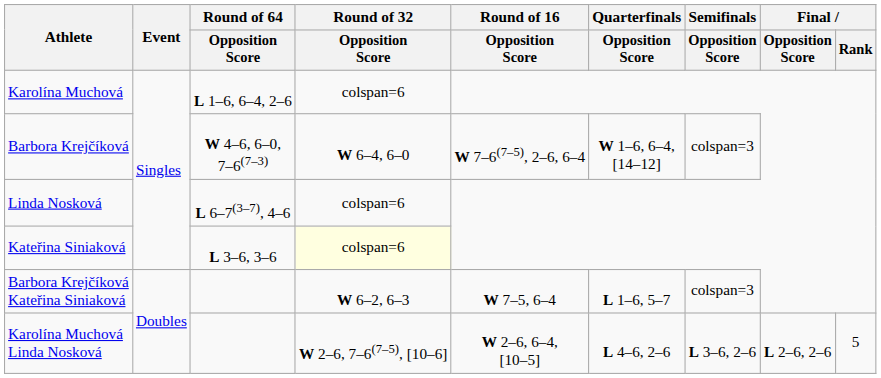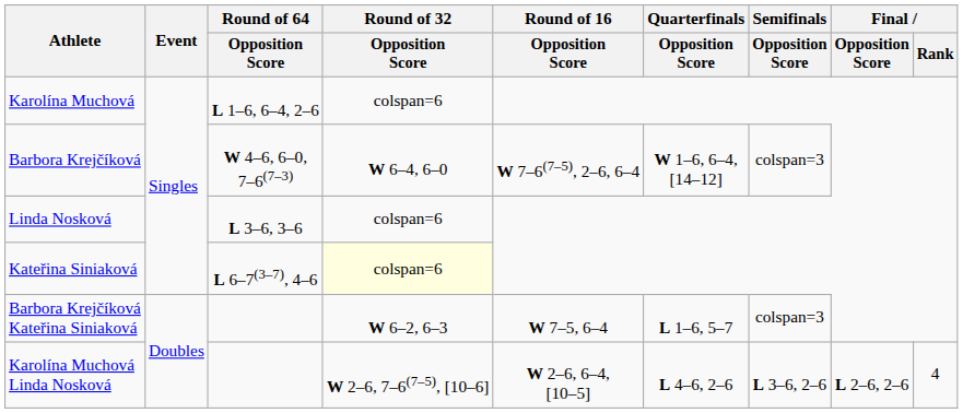 <table class=wikitable style="font-size:90%">
 <tr>
 <th rowspan="2">Athlete</th>
 <th rowspan="2">Event</th>
 <th>Round of 64</th>
 <th>Round of 32</th>
 <th>Round of 16</th>
 <th>Quarterfinals</th>
 <th>Semifinals</th>
 <th colspan=2>Final / </th>
 </tr>
 <tr style="font-size:95%">
 <th>Opposition<br>Score</th>
 <th>Opposition<br>Score</th>
 <th>Opposition<br>Score</th>
 <th>Opposition<br>Score</th>
 <th>Opposition<br>Score</th>
 <th>Opposition<br>Score</th>
 <th>Rank</th>
 </tr>
 <tr align=center>
 <td align=left><a href='#'>Karolína Muchová</a></td>
 <td align=left rowspan=4><a href='#'>Singles</a></td>
 <td><br><strong>L</strong> 1–6, 6–4, 2–6</td>
 <td>colspan=6 </td>
 </tr>
 <tr align=center>
 <td align=left><a href='#'>Barbora Krejčíková</a></td>
 <td><br><strong>W</strong> 4–6, 6–0,<br>7–6<sup>(7–3)</sup></td>
 <td><br><strong>W</strong> 6–4, 6–0</td>
 <td><br><strong>W</strong> 7–6<sup>(7–5)</sup>, 2–6, 6–4</td>
 <td><br><strong>W</strong> 1–6, 6–4,<br>[14–12]</td>
 <td>colspan=3 </td>
 </tr>
 <tr align=center>
 <td align=left><a href='#'>Linda Nosková</a></td>
-<td><br><strong>L</strong> 6–7<sup>(3–7)</sup>, 4–6</td>
+<td><br><strong>L</strong> 3–6, 3–6</td>
 <td>colspan=6 </td>
 </tr>
 <tr align=center>
 <td align=left><a href='#'>Kateřina Siniaková</a></td>
-<td><br><strong>L</strong> 3–6, 3–6</td>
+<td><br><strong>L</strong> 6–7<sup>(3–7)</sup>, 4–6</td>
 <td style="background: lightyellow;">colspan=6 </td>
 </tr>
 <tr align=center>
 <td align=left><a href='#'>Barbora Krejčíková</a><br><a href='#'>Kateřina Siniaková</a></td>
 <td align=left rowspan=2><a href='#'>Doubles</a></td>
 <td></td>
 <td><br><strong>W</strong> 6–2, 6–3</td>
 <td><br><strong>W</strong> 7–5, 6–4</td>
 <td><br><strong>L</strong> 1–6, 5–7</td>
 <td>colspan=3 </td>
 </tr>
 <tr align=center>
 <td align=left><a href='#'>Karolína Muchová</a><br><a href='#'>Linda Nosková</a></td>
 <td></td>
 <td><br><strong>W</strong> 2–6, 7–6<sup>(7–5)</sup>, [10–6]</td>
 <td><br><strong>W</strong> 2–6, 6–4,<br>[10–5]</td>
 <td><br><strong>L</strong> 4–6, 2–6</td>
 <td><br><strong>L</strong> 3–6, 2–6</td>
 <td><br><strong>L</strong> 2–6, 2–6</td>
-<td>5</td>
+<td>4</td>
 </tr>
 </table>
